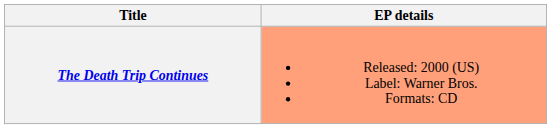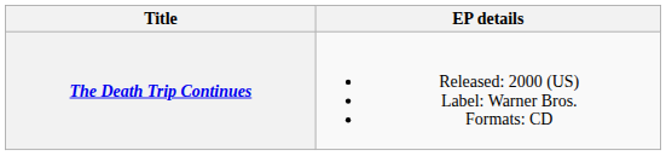 <table class="wikitable plainrowheaders" style="text-align:center;">
 <tr>
 <th scope="col" style="width:18em;">Title</th>
 <th scope="col" style="width:20em;">EP details</th>
 </tr>
 <tr>
 <th scope="row"><em><a href='#'>The Death Trip Continues</a></em></th>
-<td style="background: lightsalmon;"><br><ul><li>Released: 2000 <span>(US)</span></li><li>Label: Warner Bros.</li><li>Formats: CD</li></ul></td>
+<td><br><ul><li>Released: 2000 <span>(US)</span></li><li>Label: Warner Bros.</li><li>Formats: CD</li></ul></td>
 </tr>
 </table>
